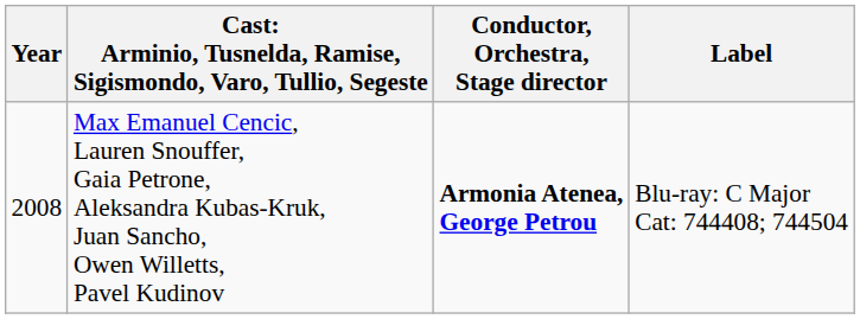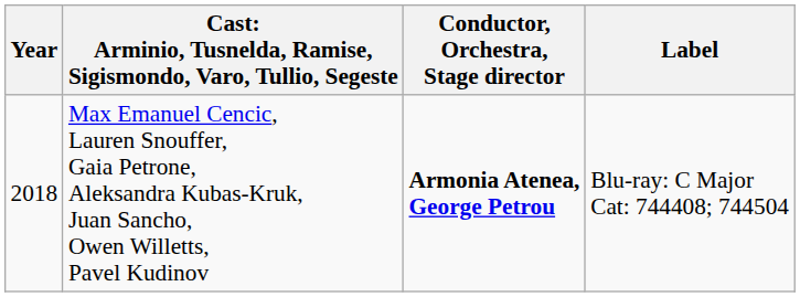 <table class="wikitable">
 <tr>
 <th>Year</th>
 <th>Cast:<br>Arminio, Tusnelda, Ramise,<br>Sigismondo, Varo, Tullio, Segeste</th>
 <th>Conductor,<br>Orchestra,<br>Stage director</th>
 <th>Label</th>
 </tr>
 <tr>
-<td>2008</td>
+<td>2018</td>
 <td><a href='#'>Max Emanuel Cencic</a>,<br>Lauren Snouffer,<br>Gaia Petrone,<br>Aleksandra Kubas-Kruk,<br>Juan Sancho,<br>Owen Willetts,<br>Pavel Kudinov</td>
 <td><strong>Armonia Atenea,<br><a href='#'>George Petrou</a></strong></td>
 <td>Blu-ray: C Major<br>Cat: 744408; 744504</td>
 </tr>
 </table>
